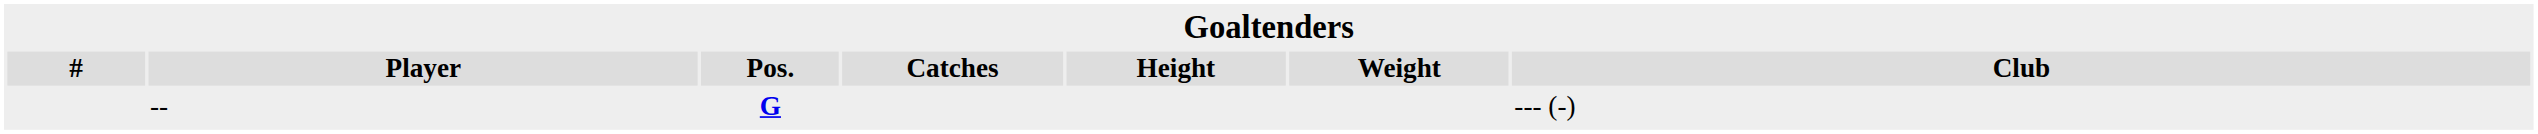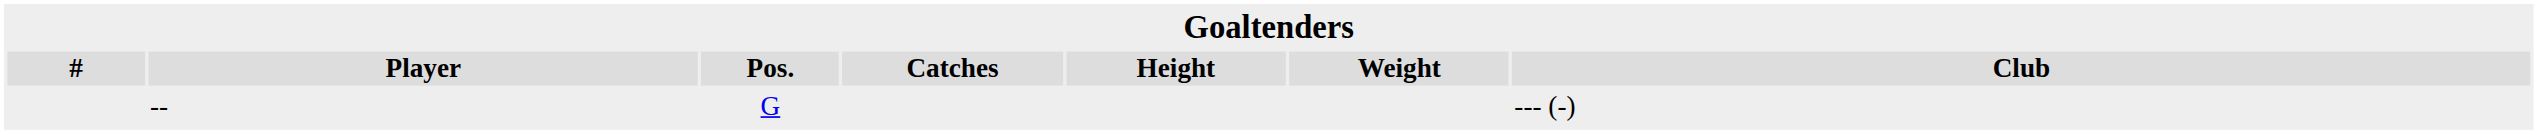 <table width=75% style="text-align:center; background:#eeeeee;">
 <tr>
 <th colspan=8><big>Goaltenders</big></th>
 </tr>
 <tr bgcolor="#dddddd">
 <th width=5%>#</th>
 <th width=20%>Player</th>
 <th width=5%>Pos.</th>
 <th width=8%>Catches</th>
 <th width=8%>Height</th>
 <th width=8%>Weight</th>
 <th width=37%>Club</th>
 </tr>
 <tr>
 <td></td>
 <td style="text-align:left;">--</td>
-<td><strong><a href='#'>G</a></strong></td>
+<td><a href='#'>G</a></td>
 <td></td>
 <td></td>
 <td></td>
 <td style="text-align:left;"> --- (-)</td>
 </tr>
 <tr>
 </tr>
 </table>
